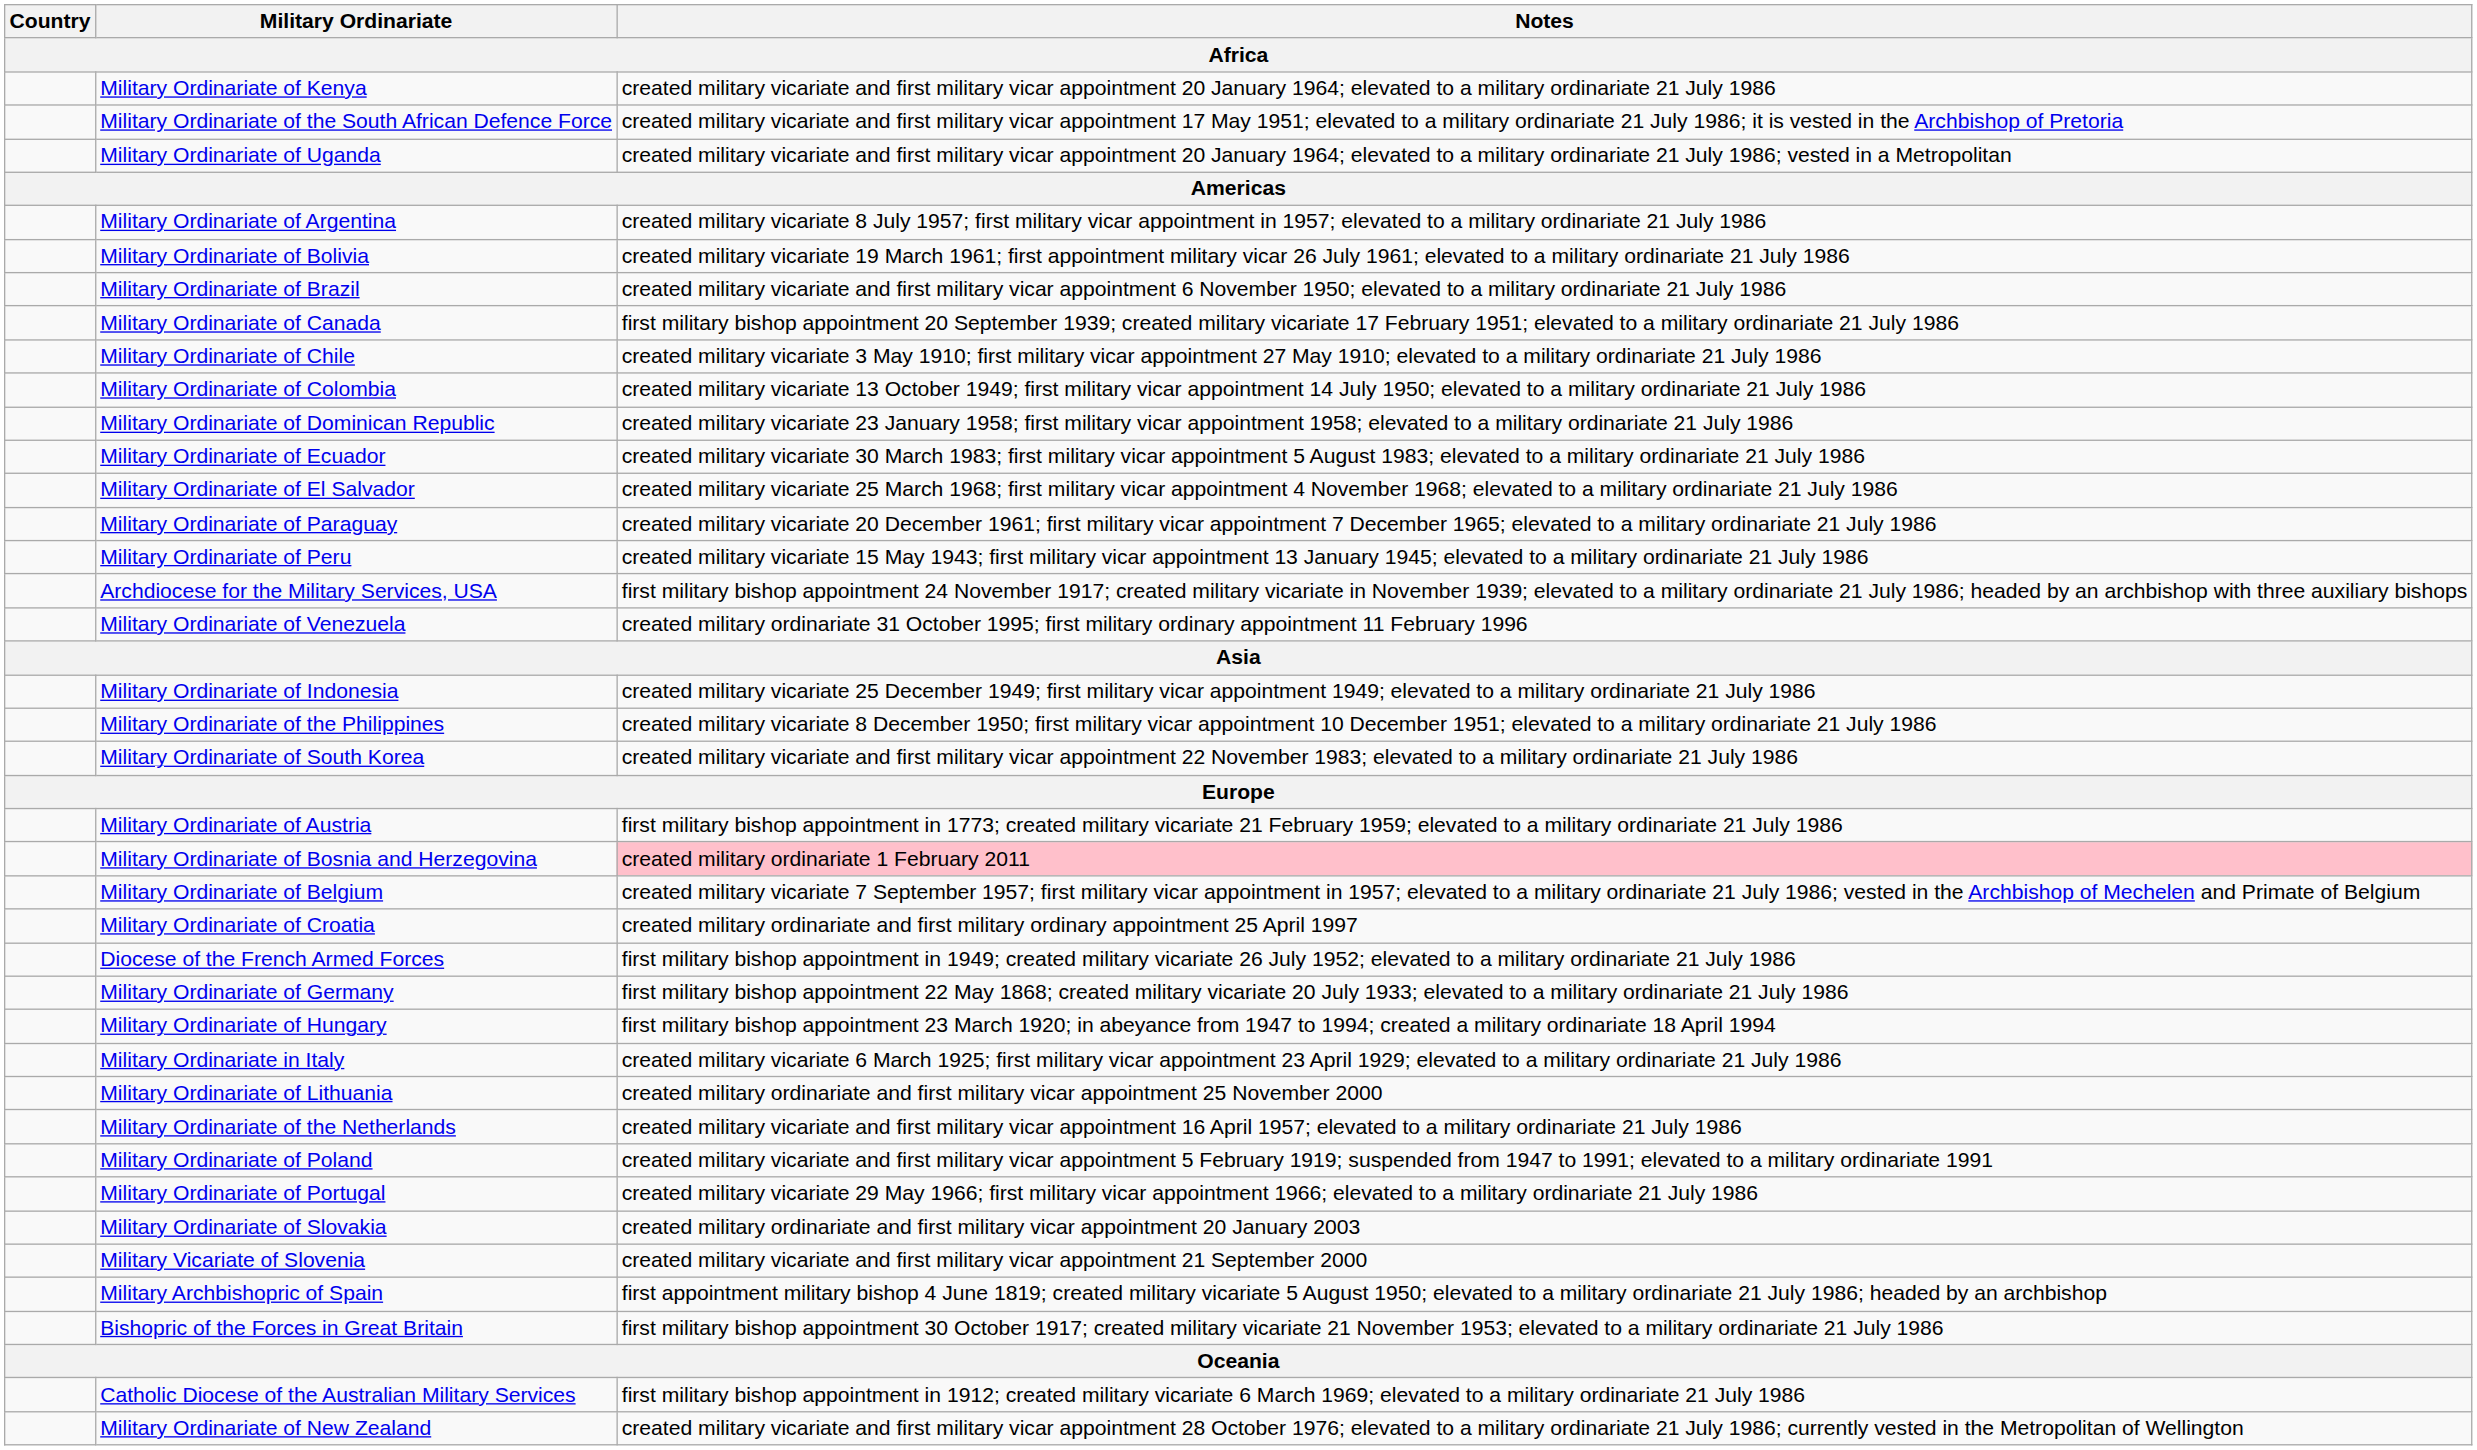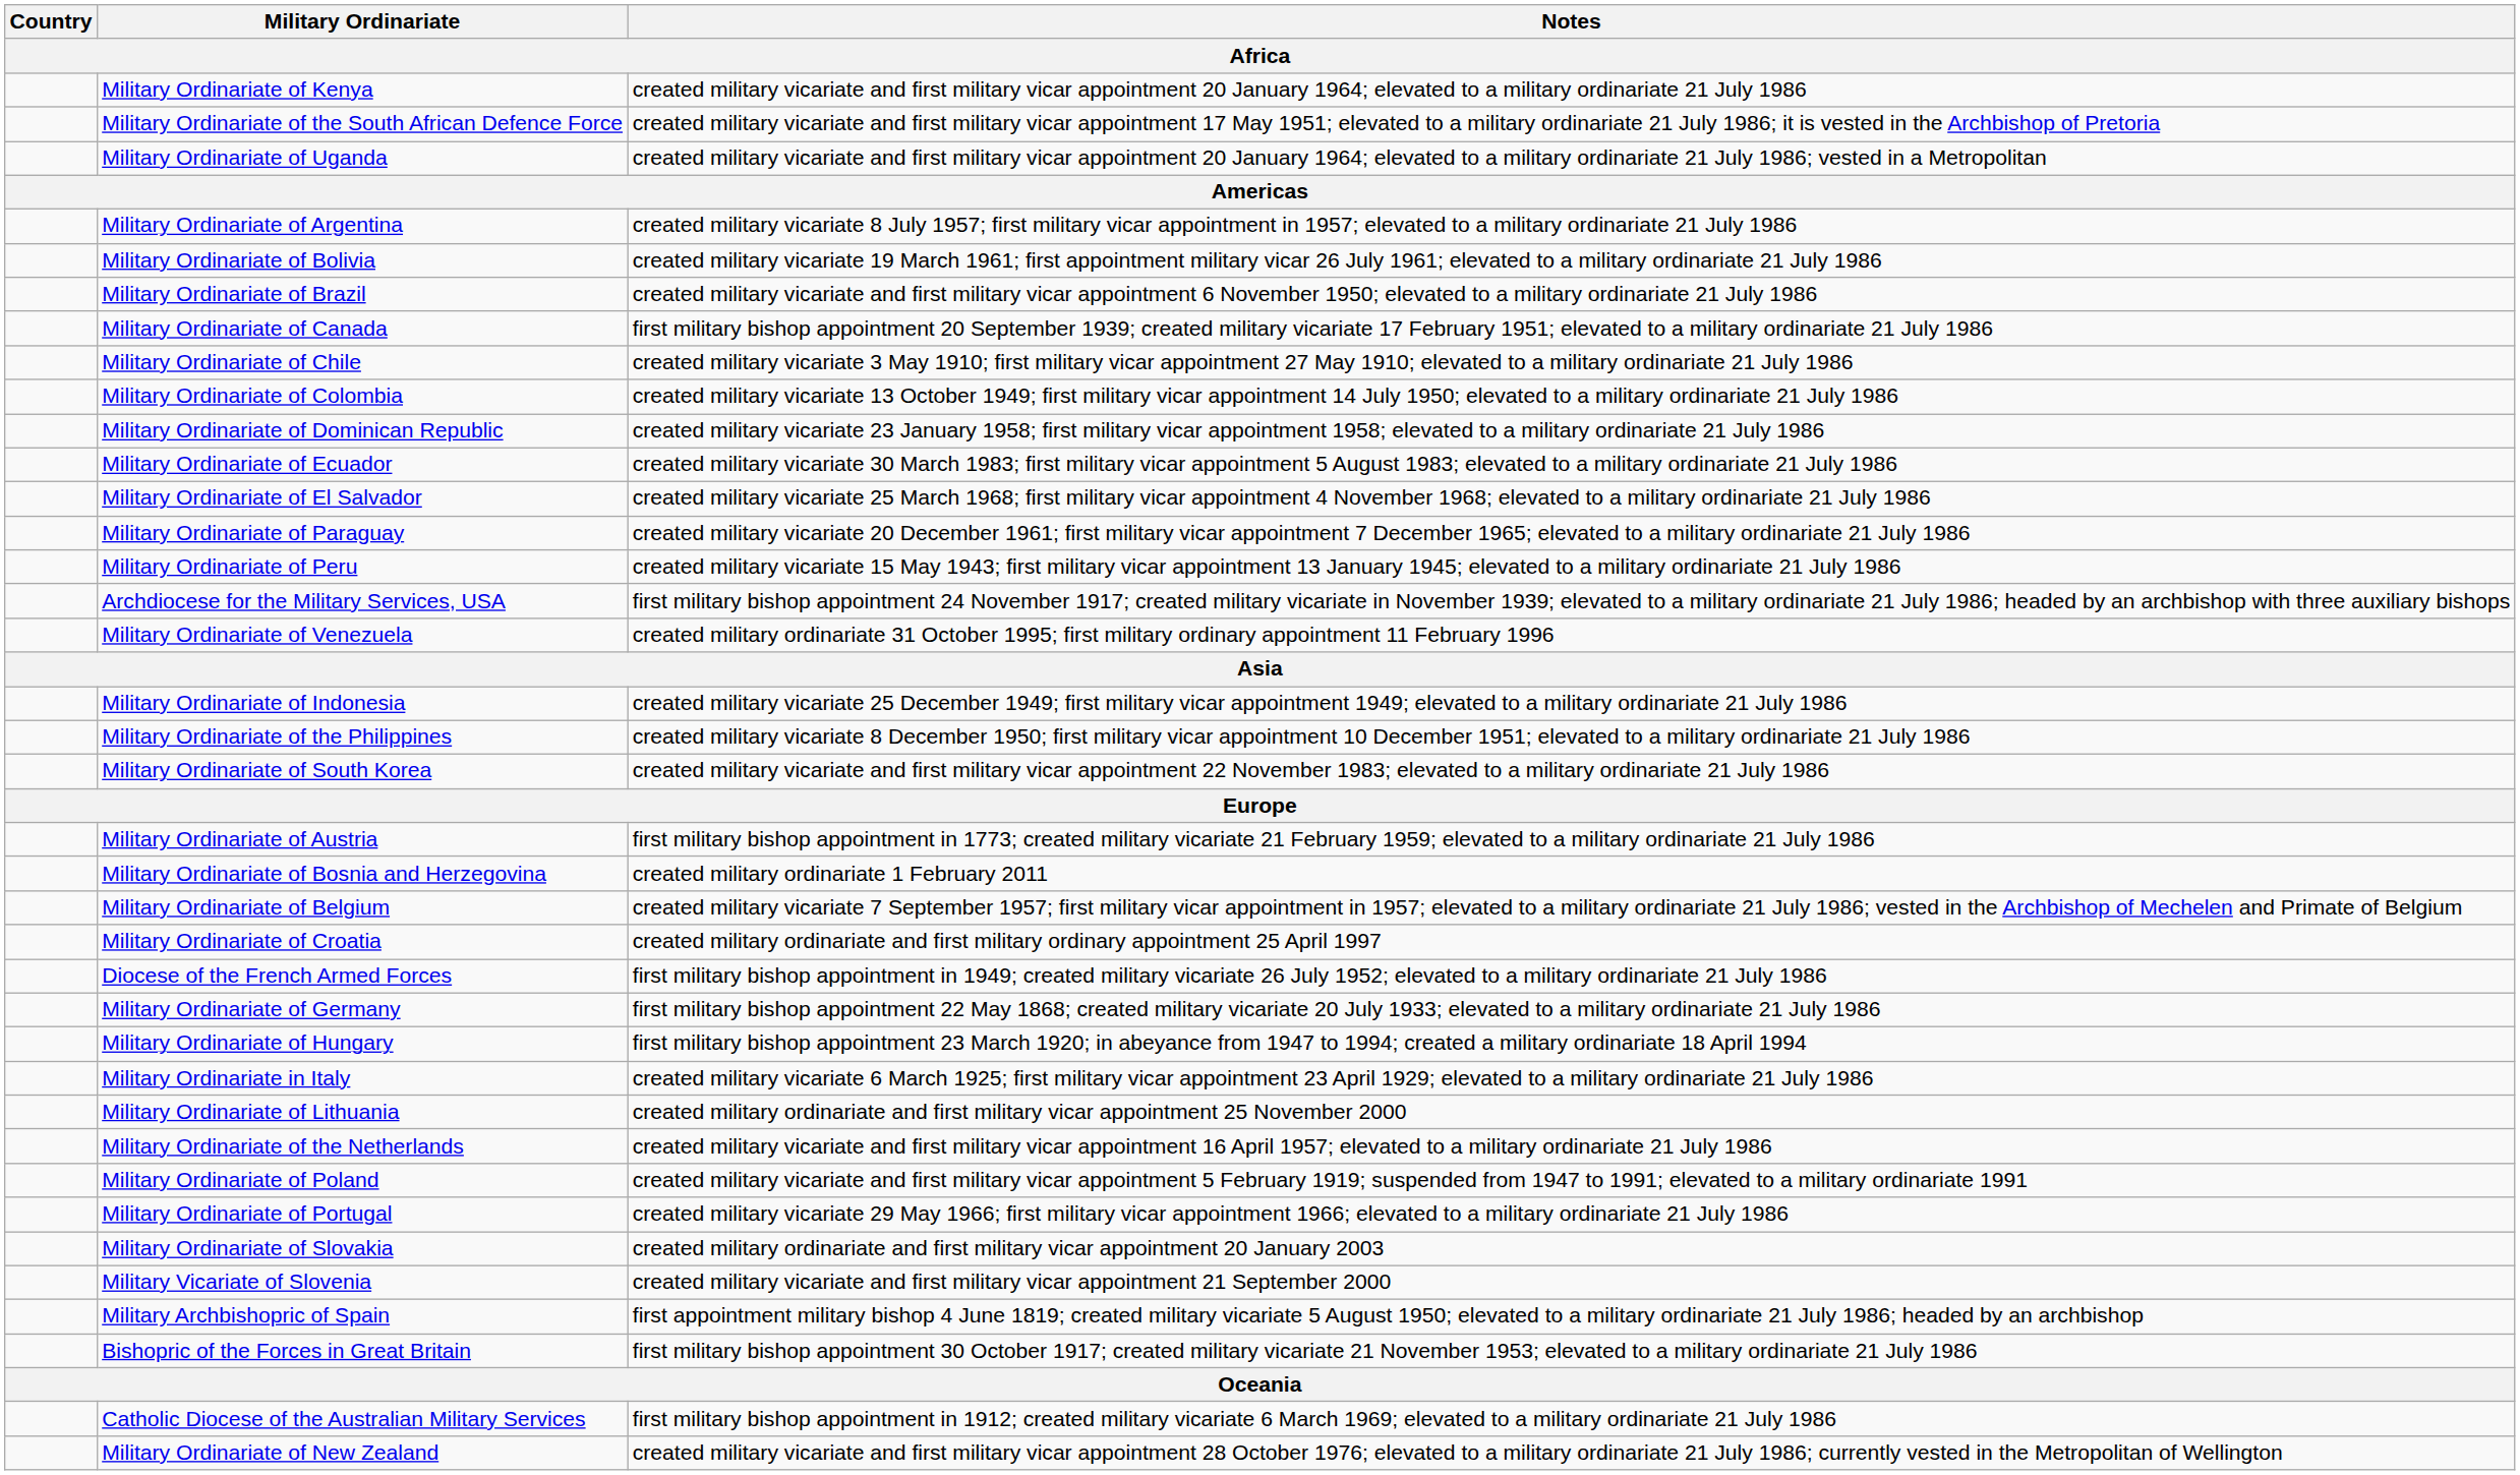 <table class="wikitable">
 <tr>
 <th>Country</th>
 <th>Military Ordinariate</th>
 <th>Notes</th>
 </tr>
 <tr valign=top>
 <th colspan="4">Africa</th>
 </tr>
 <tr valign=top>
 <td></td>
 <td><a href='#'>Military Ordinariate of Kenya</a></td>
 <td>created military vicariate and first military vicar appointment 20 January 1964; elevated to a military ordinariate 21 July 1986</td>
 </tr>
 <tr valign=top>
 <td></td>
 <td><a href='#'>Military Ordinariate of the South African Defence Force</a></td>
 <td>created military vicariate and first military vicar appointment 17 May 1951; elevated to a military ordinariate 21 July 1986; it is vested in the <a href='#'>Archbishop of Pretoria</a></td>
 </tr>
 <tr valign=top>
 <td></td>
 <td><a href='#'>Military Ordinariate of Uganda</a></td>
 <td>created military vicariate and first military vicar appointment 20 January 1964; elevated to a military ordinariate 21 July 1986; vested in a Metropolitan</td>
 </tr>
 <tr valign=top>
 <th colspan="4">Americas</th>
 </tr>
 <tr valign=top>
 <td></td>
 <td><a href='#'>Military Ordinariate of Argentina</a></td>
 <td>created military vicariate 8 July 1957; first military vicar appointment in 1957; elevated to a military ordinariate 21 July 1986</td>
 </tr>
 <tr valign=top>
 <td></td>
 <td><a href='#'>Military Ordinariate of Bolivia</a></td>
 <td>created military vicariate 19 March 1961; first appointment military vicar 26 July 1961; elevated to a military ordinariate 21 July 1986</td>
 </tr>
 <tr valign=top>
 <td></td>
 <td><a href='#'>Military Ordinariate of Brazil</a></td>
 <td>created military vicariate and first military vicar appointment 6 November 1950; elevated to a military ordinariate 21 July 1986</td>
 </tr>
 <tr valign=top>
 <td></td>
 <td><a href='#'>Military Ordinariate of Canada</a></td>
 <td>first military bishop appointment 20 September 1939; created military vicariate 17 February 1951; elevated to a military ordinariate 21 July 1986</td>
 </tr>
 <tr valign=top>
 <td></td>
 <td><a href='#'>Military Ordinariate of Chile</a></td>
 <td>created military vicariate 3 May 1910; first military vicar appointment 27 May 1910; elevated to a military ordinariate 21 July 1986</td>
 </tr>
 <tr valign=top>
 <td></td>
 <td><a href='#'>Military Ordinariate of Colombia</a></td>
 <td>created military vicariate 13 October 1949; first military vicar appointment 14 July 1950; elevated to a military ordinariate 21 July 1986</td>
 </tr>
 <tr valign=top>
 <td></td>
 <td><a href='#'>Military Ordinariate of Dominican Republic</a></td>
 <td>created military vicariate 23 January 1958; first military vicar appointment 1958; elevated to a military ordinariate 21 July 1986</td>
 </tr>
 <tr valign=top>
 <td></td>
 <td><a href='#'>Military Ordinariate of Ecuador</a></td>
 <td>created military vicariate 30 March 1983; first military vicar appointment 5 August 1983; elevated to a military ordinariate 21 July 1986</td>
 </tr>
 <tr valign=top>
 <td></td>
 <td><a href='#'>Military Ordinariate of El Salvador</a></td>
 <td>created military vicariate 25 March 1968; first military vicar appointment 4 November 1968; elevated to a military ordinariate 21 July 1986</td>
 </tr>
 <tr valign=top>
 <td></td>
 <td><a href='#'>Military Ordinariate of Paraguay</a></td>
 <td>created military vicariate 20 December 1961; first military vicar appointment 7 December 1965; elevated to a military ordinariate 21 July 1986</td>
 </tr>
 <tr valign=top>
 <td></td>
 <td><a href='#'>Military Ordinariate of Peru</a></td>
 <td>created military vicariate 15 May 1943; first military vicar appointment 13 January 1945; elevated to a military ordinariate 21 July 1986</td>
 </tr>
 <tr valign=top>
 <td></td>
 <td><a href='#'>Archdiocese for the Military Services, USA</a></td>
 <td>first military bishop appointment 24 November 1917; created military vicariate in November 1939; elevated to a military ordinariate 21 July 1986; headed by an archbishop with three auxiliary bishops</td>
 </tr>
 <tr valign=top>
 <td></td>
 <td><a href='#'>Military Ordinariate of Venezuela</a></td>
 <td>created military ordinariate 31 October 1995; first military ordinary appointment 11 February 1996</td>
 </tr>
 <tr valign=top>
 <th colspan="4">Asia</th>
 </tr>
 <tr valign=top>
 <td></td>
 <td><a href='#'>Military Ordinariate of Indonesia</a></td>
 <td>created military vicariate 25 December 1949; first military vicar appointment 1949; elevated to a military ordinariate 21 July 1986</td>
 </tr>
 <tr valign=top>
 <td></td>
 <td><a href='#'>Military Ordinariate of the Philippines</a></td>
 <td>created military vicariate 8 December 1950; first military vicar appointment 10 December 1951; elevated to a military ordinariate 21 July 1986</td>
 </tr>
 <tr valign=top>
 <td></td>
 <td><a href='#'>Military Ordinariate of South Korea</a></td>
 <td>created military vicariate and first military vicar appointment 22 November 1983; elevated to a military ordinariate 21 July 1986</td>
 </tr>
 <tr valign=top>
 <th colspan="4">Europe</th>
 </tr>
 <tr valign=top>
 <td></td>
 <td><a href='#'>Military Ordinariate of Austria</a></td>
 <td>first military bishop appointment in 1773; created military vicariate 21 February 1959; elevated to a military ordinariate 21 July 1986</td>
 </tr>
 <tr valign=top>
 <td></td>
 <td><a href='#'>Military Ordinariate of Bosnia and Herzegovina</a></td>
-<td style="background: pink;">created military ordinariate 1 February 2011</td>
+<td>created military ordinariate 1 February 2011</td>
 </tr>
 <tr valign=top>
 <td></td>
 <td><a href='#'>Military Ordinariate of Belgium</a></td>
 <td>created military vicariate 7 September 1957; first military vicar appointment in 1957; elevated to a military ordinariate 21 July 1986; vested in the <a href='#'>Archbishop of Mechelen</a> and Primate of Belgium</td>
 </tr>
 <tr valign=top>
 <td></td>
 <td><a href='#'>Military Ordinariate of Croatia</a></td>
 <td>created military ordinariate and first military ordinary appointment 25 April 1997</td>
 </tr>
 <tr valign=top>
 <td></td>
 <td><a href='#'>Diocese of the French Armed Forces</a></td>
 <td>first military bishop appointment in 1949; created military vicariate 26 July 1952; elevated to a military ordinariate 21 July 1986</td>
 </tr>
 <tr valign=top>
 <td></td>
 <td><a href='#'>Military Ordinariate of Germany</a></td>
 <td>first military bishop appointment 22 May 1868; created military vicariate 20 July 1933; elevated to a military ordinariate 21 July 1986</td>
 </tr>
 <tr valign=top>
 <td></td>
 <td><a href='#'>Military Ordinariate of Hungary</a></td>
 <td>first military bishop appointment 23 March 1920; in abeyance from 1947 to 1994; created a military ordinariate 18 April 1994</td>
 </tr>
 <tr valign=top>
 <td></td>
 <td><a href='#'>Military Ordinariate in Italy</a></td>
 <td>created military vicariate 6 March 1925; first military vicar appointment 23 April 1929; elevated to a military ordinariate 21 July 1986</td>
 </tr>
 <tr valign=top>
 <td></td>
 <td><a href='#'>Military Ordinariate of Lithuania</a></td>
 <td>created military ordinariate and first military vicar appointment 25 November 2000</td>
 </tr>
 <tr valign=top>
 <td></td>
 <td><a href='#'>Military Ordinariate of the Netherlands</a></td>
 <td>created military vicariate and first military vicar appointment 16 April 1957; elevated to a military ordinariate 21 July 1986</td>
 </tr>
 <tr valign=top>
 <td></td>
 <td><a href='#'>Military Ordinariate of Poland</a></td>
 <td>created military vicariate and first military vicar appointment 5 February 1919; suspended from 1947 to 1991; elevated to a military ordinariate 1991</td>
 </tr>
 <tr valign=top>
 <td></td>
 <td><a href='#'>Military Ordinariate of Portugal</a></td>
 <td>created military vicariate 29 May 1966; first military vicar appointment 1966; elevated to a military ordinariate 21 July 1986</td>
 </tr>
 <tr valign=top>
 <td></td>
 <td><a href='#'>Military Ordinariate of Slovakia</a></td>
 <td>created military ordinariate and first military vicar appointment 20 January 2003</td>
 </tr>
 <tr valign=top>
 <td></td>
 <td><a href='#'>Military Vicariate of Slovenia</a></td>
 <td>created military vicariate and first military vicar appointment 21 September 2000</td>
 </tr>
 <tr valign=top>
 <td></td>
 <td><a href='#'>Military Archbishopric of Spain</a></td>
 <td>first appointment military bishop 4 June 1819; created military vicariate 5 August 1950; elevated to a military ordinariate 21 July 1986; headed by an archbishop</td>
 </tr>
 <tr valign=top>
 <td></td>
 <td><a href='#'>Bishopric of the Forces in Great Britain</a></td>
 <td>first military bishop appointment 30 October 1917; created military vicariate 21 November 1953; elevated to a military ordinariate 21 July 1986</td>
 </tr>
 <tr valign=top>
 <th colspan="4">Oceania</th>
 </tr>
 <tr valign=top>
 <td></td>
 <td><a href='#'>Catholic Diocese of the Australian Military Services</a></td>
 <td>first military bishop appointment in 1912; created military vicariate 6 March 1969; elevated to a military ordinariate 21 July 1986</td>
 </tr>
 <tr valign=top>
 <td></td>
 <td><a href='#'>Military Ordinariate of New Zealand</a></td>
 <td>created military vicariate and first military vicar appointment 28 October 1976; elevated to a military ordinariate 21 July 1986; currently vested in the Metropolitan of Wellington</td>
 </tr>
 </table>
